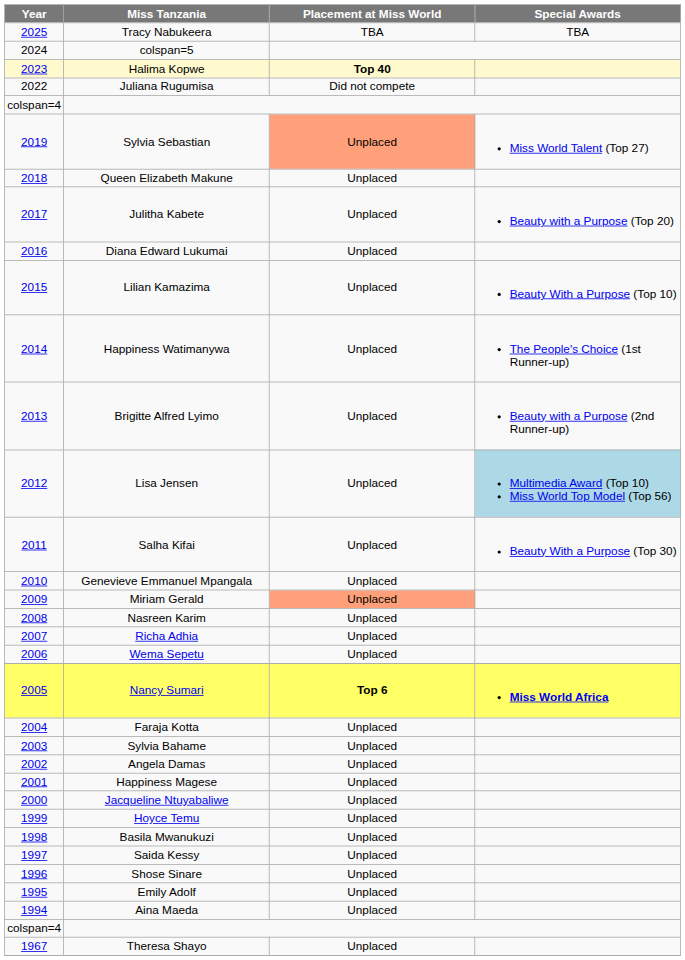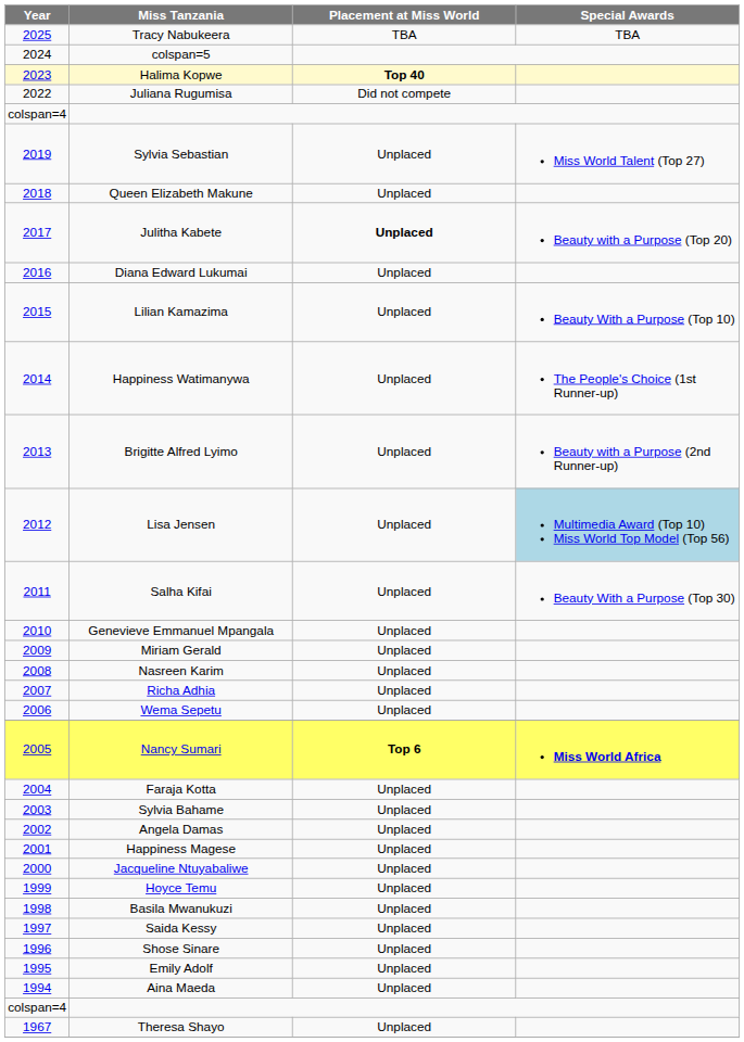 <table class="wikitable" style="font-size: 92%; text-align:center">
 <tr>
 <th width="60" style="background-color:#787878;color:#FFFFFF;">Year</th>
 <th width="250" style="background-color:#787878;color:#FFFFFF;">Miss Tanzania</th>
 <th width="250" style="background-color:#787878;color:#FFFFFF;">Placement at Miss World</th>
 <th width="250" style="background-color:#787878;color:#FFFFFF;">Special Awards</th>
 </tr>
 <tr>
 <td><a href='#'>2025</a></td>
 <td>Tracy Nabukeera</td>
 <td>TBA</td>
 <td>TBA</td>
 </tr>
 <tr>
 <td>2024</td>
 <td>colspan=5 </td>
 </tr>
 <tr style="background-color:#FFFACD;">
 <td><a href='#'>2023</a></td>
 <td>Halima Kopwe</td>
 <td><strong>Top 40</strong></td>
 <td></td>
 </tr>
 <tr>
 <td>2022</td>
 <td>Juliana Rugumisa</td>
 <td>Did not compete</td>
 <td></td>
 </tr>
 <tr>
 <td>colspan=4 </td>
 </tr>
 <tr>
 <td><a href='#'>2019</a></td>
 <td>Sylvia Sebastian</td>
-<td style="background: lightsalmon;">Unplaced</td>
+<td>Unplaced</td>
 <td align="left"><br><ul><li><a href='#'>Miss World Talent</a> (Top 27)</li></ul></td>
 </tr>
 <tr>
 <td><a href='#'>2018</a></td>
 <td>Queen Elizabeth Makune</td>
 <td>Unplaced</td>
 <td></td>
 </tr>
 <tr>
 <td><a href='#'>2017</a></td>
 <td>Julitha Kabete</td>
-<td>Unplaced</td>
+<td><strong>Unplaced</strong></td>
 <td align="left"><br><ul><li><a href='#'>Beauty with a Purpose</a> (Top 20)</li></ul></td>
 </tr>
 <tr>
 <td><a href='#'>2016</a></td>
 <td>Diana Edward Lukumai</td>
 <td>Unplaced</td>
 <td></td>
 </tr>
 <tr>
 <td><a href='#'>2015</a></td>
 <td>Lilian Kamazima</td>
 <td>Unplaced</td>
 <td align="left"><br><ul><li><a href='#'>Beauty With a Purpose</a> (Top 10)</li></ul></td>
 </tr>
 <tr>
 <td><a href='#'>2014</a></td>
 <td>Happiness Watimanywa</td>
 <td>Unplaced</td>
 <td align="left"><br><ul><li><a href='#'>The People's Choice</a> (1st Runner-up)</li></ul></td>
 </tr>
 <tr>
 <td><a href='#'>2013</a></td>
 <td>Brigitte Alfred Lyimo</td>
 <td>Unplaced</td>
 <td align="left"><br><ul><li><a href='#'>Beauty with a Purpose</a> (2nd Runner-up)</li></ul></td>
 </tr>
 <tr>
 <td><a href='#'>2012</a></td>
 <td>Lisa Jensen</td>
 <td>Unplaced</td>
 <td align="left" style="background: lightblue;"><br><ul><li><a href='#'>Multimedia Award</a> (Top 10)</li><li><a href='#'>Miss World Top Model</a> (Top 56)</li></ul></td>
 </tr>
 <tr>
 <td><a href='#'>2011</a></td>
 <td>Salha Kifai</td>
 <td>Unplaced</td>
 <td align="left"><br><ul><li><a href='#'>Beauty With a Purpose</a> (Top 30)</li></ul></td>
 </tr>
 <tr>
 <td><a href='#'>2010</a></td>
 <td>Genevieve Emmanuel Mpangala</td>
 <td>Unplaced</td>
 <td></td>
 </tr>
 <tr>
 <td><a href='#'>2009</a></td>
 <td>Miriam Gerald</td>
-<td style="background: lightsalmon;">Unplaced</td>
+<td>Unplaced</td>
 <td></td>
 </tr>
 <tr>
 <td><a href='#'>2008</a></td>
 <td>Nasreen Karim</td>
 <td>Unplaced</td>
 <td></td>
 </tr>
 <tr>
 <td><a href='#'>2007</a></td>
 <td><a href='#'>Richa Adhia</a></td>
 <td>Unplaced</td>
 <td></td>
 </tr>
 <tr>
 <td><a href='#'>2006</a></td>
 <td><a href='#'>Wema Sepetu</a></td>
 <td>Unplaced</td>
 <td></td>
 </tr>
 <tr>
 </tr>
 <tr style="background-color:#FFFF66;">
 <td><a href='#'>2005</a></td>
 <td><a href='#'>Nancy Sumari</a></td>
 <td><strong>Top 6</strong></td>
 <td align="left"><br><ul><li><strong><a href='#'>Miss World Africa</a></strong></li></ul></td>
 </tr>
 <tr>
 <td><a href='#'>2004</a></td>
 <td>Faraja Kotta</td>
 <td>Unplaced</td>
 <td></td>
 </tr>
 <tr>
 <td><a href='#'>2003</a></td>
 <td>Sylvia Bahame</td>
 <td>Unplaced</td>
 <td></td>
 </tr>
 <tr>
 <td><a href='#'>2002</a></td>
 <td>Angela Damas</td>
 <td>Unplaced</td>
 <td></td>
 </tr>
 <tr>
 <td><a href='#'>2001</a></td>
 <td>Happiness Magese</td>
 <td>Unplaced</td>
 <td></td>
 </tr>
 <tr>
 <td><a href='#'>2000</a></td>
 <td><a href='#'>Jacqueline Ntuyabaliwe</a></td>
 <td>Unplaced</td>
 <td></td>
 </tr>
 <tr>
 <td><a href='#'>1999</a></td>
 <td><a href='#'>Hoyce Temu</a></td>
 <td>Unplaced</td>
 <td></td>
 </tr>
 <tr>
 <td><a href='#'>1998</a></td>
 <td>Basila Mwanukuzi</td>
 <td>Unplaced</td>
 <td></td>
 </tr>
 <tr>
 <td><a href='#'>1997</a></td>
 <td>Saida Kessy</td>
 <td>Unplaced</td>
 <td></td>
 </tr>
 <tr>
 <td><a href='#'>1996</a></td>
 <td>Shose Sinare</td>
 <td>Unplaced</td>
 <td></td>
 </tr>
 <tr>
 <td><a href='#'>1995</a></td>
 <td>Emily Adolf</td>
 <td>Unplaced</td>
 <td></td>
 </tr>
 <tr>
 <td><a href='#'>1994</a></td>
 <td>Aina Maeda</td>
 <td>Unplaced</td>
 <td></td>
 </tr>
 <tr>
 <td>colspan=4 </td>
 </tr>
 <tr>
 <td><a href='#'>1967</a></td>
 <td>Theresa Shayo</td>
 <td>Unplaced</td>
 <td></td>
 </tr>
 <tr>
 </tr>
 </table>
